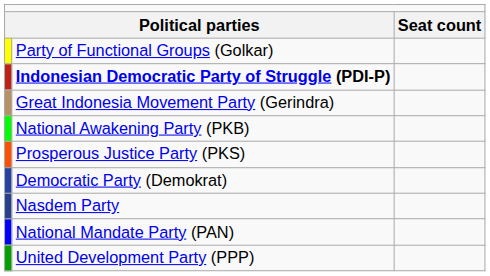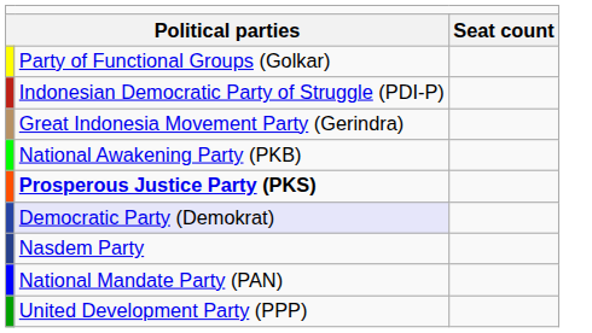 <table class="wikitable">
 <tr>
 <td colspan="4"></td>
 </tr>
 <tr>
 <th colspan="2">Political parties</th>
 <th>Seat count</th>
 </tr>
 <tr>
 <td bgcolor=#FFFF00></td>
 <td><a href='#'>Party of Functional Groups</a> (Golkar)</td>
 <td></td>
 </tr>
 <tr>
 <td bgcolor=#BD2016></td>
-<td><strong><a href='#'>Indonesian Democratic Party of Struggle</a> (PDI-P)</strong></td>
+<td><a href='#'>Indonesian Democratic Party of Struggle</a> (PDI-P)</td>
 <td></td>
 </tr>
 <tr>
 <td bgcolor=#B79164></td>
 <td><a href='#'>Great Indonesia Movement Party</a> (Gerindra)</td>
 <td></td>
 </tr>
 <tr>
 <td bgcolor=#00FF00></td>
 <td><a href='#'>National Awakening Party</a> (PKB)</td>
 <td></td>
 </tr>
 <tr>
 <td bgcolor=#FF4F00></td>
-<td><a href='#'>Prosperous Justice Party</a> (PKS)</td>
+<td><strong><a href='#'>Prosperous Justice Party</a> (PKS)</strong></td>
 <td></td>
 </tr>
 <tr>
 <td bgcolor=#2643A3></td>
-<td><a href='#'>Democratic Party</a> (Demokrat)</td>
+<td style="background: lavender;"><a href='#'>Democratic Party</a> (Demokrat)</td>
 <td></td>
 </tr>
 <tr>
 <td bgcolor=#27408B></td>
 <td><a href='#'>Nasdem Party</a></td>
 <td></td>
 </tr>
 <tr>
 <td bgcolor=#0000FF></td>
 <td><a href='#'>National Mandate Party</a> (PAN)</td>
 <td></td>
 </tr>
 <tr>
 <td bgcolor=#00A100></td>
 <td><a href='#'>United Development Party</a> (PPP)</td>
 <td></td>
 </tr>
 </table>
